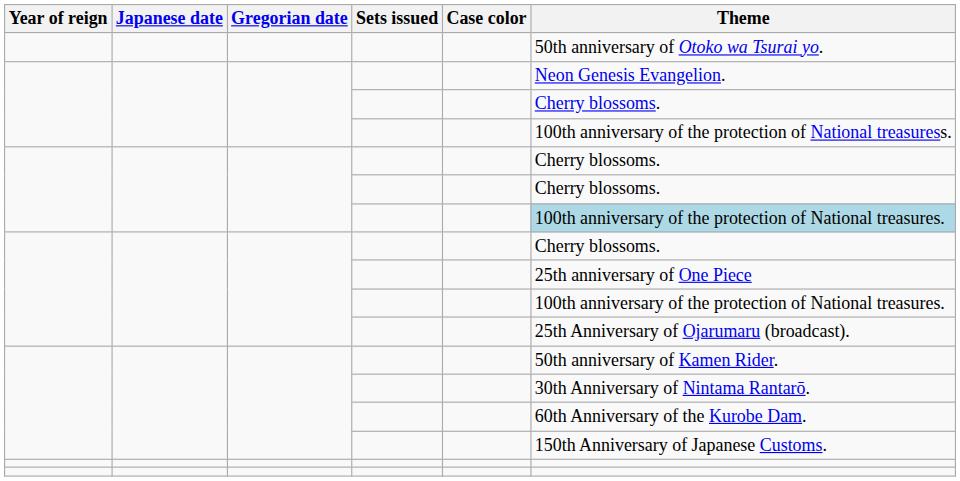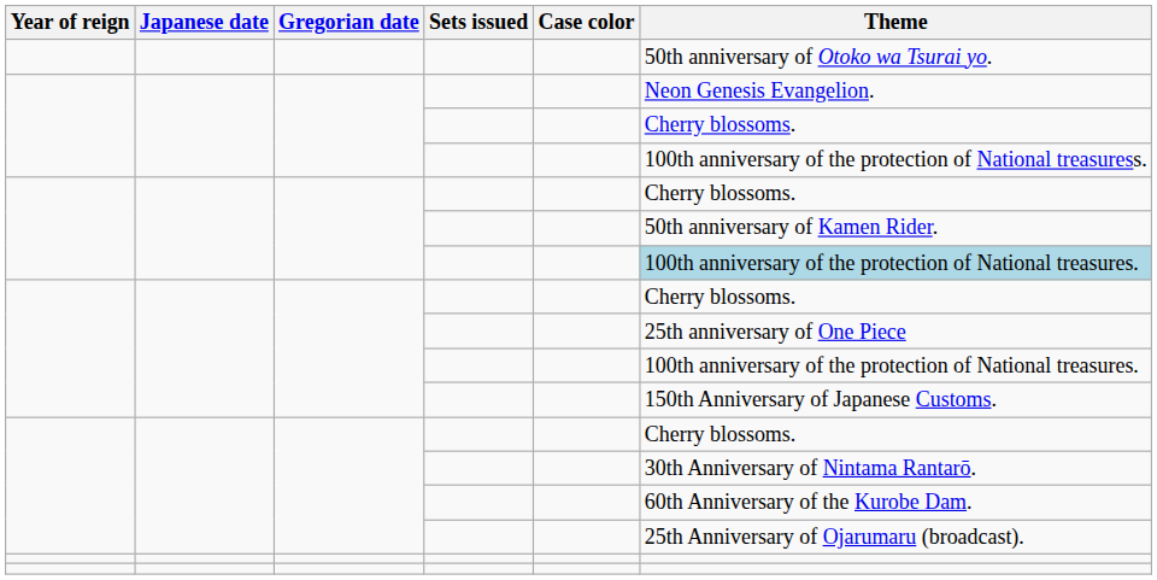 <table class="wikitable sortable">
 <tr>
 <th>Year of reign</th>
 <th class="unsortable"><a href='#'>Japanese date</a></th>
 <th><a href='#'>Gregorian date</a></th>
 <th>Sets issued</th>
 <th>Case color</th>
 <th class="unsortable">Theme</th>
 </tr>
 <tr>
 <td></td>
 <td></td>
 <td></td>
 <td></td>
 <td></td>
 <td>50th anniversary of <em><a href='#'>Otoko wa Tsurai yo</a></em>.</td>
 </tr>
 <tr>
 <td rowspan="3"></td>
 <td rowspan="3"></td>
 <td rowspan="3"></td>
 <td></td>
 <td></td>
 <td><a href='#'>Neon Genesis Evangelion</a>.</td>
 </tr>
 <tr>
 <td></td>
 <td></td>
 <td><a href='#'>Cherry blossoms</a>.</td>
 </tr>
 <tr>
 <td></td>
 <td></td>
 <td>100th anniversary of the protection of <a href='#'>National treasures</a>s.</td>
 </tr>
 <tr>
 <td rowspan="3"></td>
 <td rowspan="3"></td>
 <td rowspan="3"></td>
 <td></td>
 <td></td>
 <td>Cherry blossoms.</td>
 </tr>
 <tr>
 <td></td>
 <td></td>
-<td>Cherry blossoms.</td>
+<td>50th anniversary of <a href='#'>Kamen Rider</a>.</td>
 </tr>
 <tr>
 <td></td>
 <td></td>
 <td style="background: lightblue;">100th anniversary of the protection of National treasures.</td>
 </tr>
 <tr>
 <td rowspan="4"></td>
 <td rowspan="4"></td>
 <td rowspan="4"></td>
 <td></td>
 <td></td>
 <td>Cherry blossoms.</td>
 </tr>
 <tr>
 <td></td>
 <td></td>
 <td>25th anniversary of <a href='#'>One Piece</a></td>
 </tr>
 <tr>
 <td></td>
 <td></td>
 <td>100th anniversary of the protection of National treasures.</td>
 </tr>
 <tr>
 <td></td>
 <td></td>
-<td>25th Anniversary of <a href='#'>Ojarumaru</a> (broadcast).</td>
+<td>150th Anniversary of Japanese <a href='#'>Customs</a>.</td>
 </tr>
 <tr>
 <td rowspan="4"></td>
 <td rowspan="4"></td>
 <td rowspan="4"></td>
 <td></td>
 <td></td>
-<td>50th anniversary of <a href='#'>Kamen Rider</a>.</td>
+<td>Cherry blossoms.</td>
 </tr>
 <tr>
 <td></td>
 <td></td>
 <td>30th Anniversary of <a href='#'>Nintama Rantarō</a>.</td>
 </tr>
 <tr>
 <td></td>
 <td></td>
 <td>60th Anniversary of the <a href='#'>Kurobe Dam</a>.</td>
 </tr>
 <tr>
 <td></td>
 <td></td>
-<td>150th Anniversary of Japanese <a href='#'>Customs</a>.</td>
+<td>25th Anniversary of <a href='#'>Ojarumaru</a> (broadcast).</td>
 </tr>
 <tr>
 <td></td>
 <td></td>
 <td></td>
 <td></td>
 <td></td>
 <td></td>
 </tr>
 <tr>
 <td></td>
 <td></td>
 <td></td>
 <td></td>
 <td></td>
 <td></td>
 </tr>
 </table>
